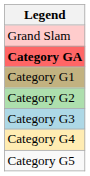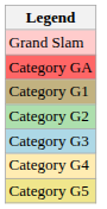 <table class="wikitable">
 <tr>
 <th>Legend</th>
 </tr>
 <tr bgcolor=#ffcccc>
 <td>Grand Slam</td>
 </tr>
 <tr bgcolor=#FF6666>
-<td><strong>Category GA</strong></td>
+<td>Category GA</td>
 </tr>
 <tr bgcolor=#C2B280>
 <td>Category G1</td>
 </tr>
 <tr bgcolor="#ADDFAD">
 <td>Category G2</td>
 </tr>
 <tr bgcolor="lightblue">
 <td>Category G3</td>
 </tr>
 <tr bgcolor=#ffecb2>
 <td>Category G4</td>
 </tr>
 <tr>
-<td>Category G5</td>
+<td style="background: khaki;">Category G5</td>
 </tr>
 </table>
